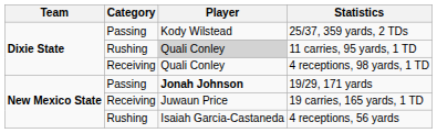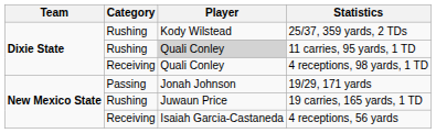 <table class="wikitable" style="float: left;">
 <tr>
 <th>Team</th>
 <th>Category</th>
 <th>Player</th>
 <th>Statistics</th>
 </tr>
 <tr>
 <td rowspan=3><strong>Dixie State</strong></td>
-<td>Passing</td>
+<td>Rushing</td>
 <td>Kody Wilstead</td>
 <td>25/37, 359 yards, 2 TDs</td>
 </tr>
 <tr>
 <td>Rushing</td>
 <td style="background: lightgrey;">Quali Conley</td>
 <td>11 carries, 95 yards, 1 TD</td>
 </tr>
 <tr>
 <td>Receiving</td>
 <td>Quali Conley</td>
 <td>4 receptions, 98 yards, 1 TD</td>
 </tr>
 <tr>
 <td rowspan=3><strong>New Mexico State</strong></td>
 <td>Passing</td>
-<td><strong>Jonah Johnson</strong></td>
+<td>Jonah Johnson</td>
 <td>19/29, 171 yards</td>
 </tr>
 <tr>
-<td>Receiving</td>
+<td>Rushing</td>
 <td>Juwaun Price</td>
 <td>19 carries, 165 yards, 1 TD</td>
 </tr>
 <tr>
-<td>Rushing</td>
+<td>Receiving</td>
 <td>Isaiah Garcia-Castaneda</td>
 <td>4 receptions, 56 yards</td>
 </tr>
 </table>
